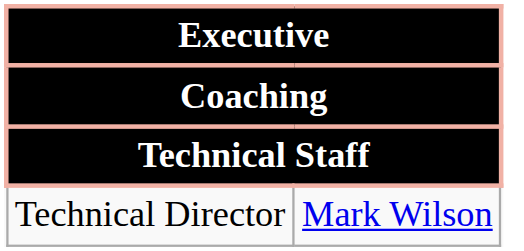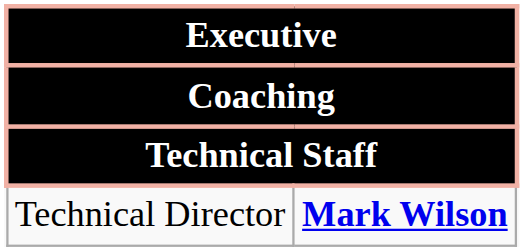 <table class="wikitable">
 <tr>
 <th style="background:#000000; color:#FFFFFF; border:2px solid #F1B1A5;" scope="col" colspan="2">Executive<br>  </th>
 </tr>
 <tr>
 <th style="background:#000000; color:#FFFFFF; border:2px solid #F1B1A5;" scope="col" colspan="2">Coaching<br>    </th>
 </tr>
 <tr>
 <th style="background:#000000; color:#FFFFFF; border:2px solid #F1B1A5;" scope="col" colspan="2">Technical Staff</th>
 </tr>
 <tr>
 <td>Technical Director</td>
-<td><a href='#'>Mark Wilson</a><br>          </td>
+<td><strong><a href='#'>Mark Wilson</a><br>          </strong></td>
 </tr>
 </table>
